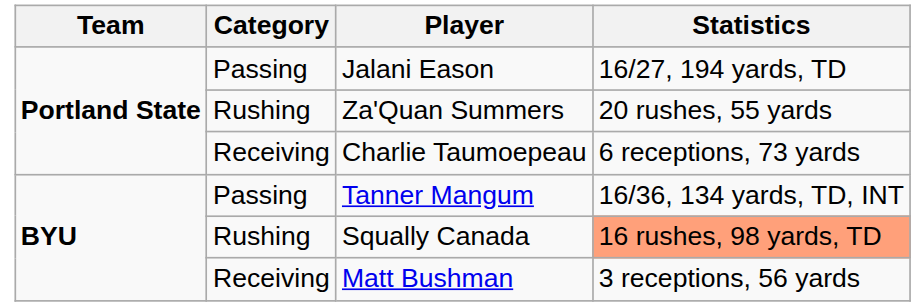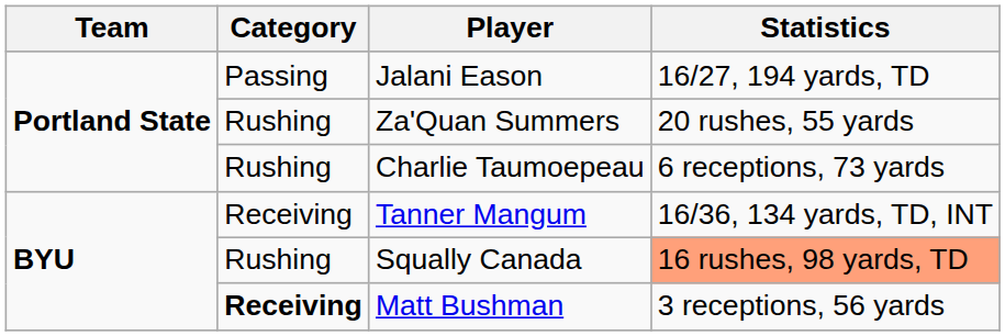 <table class="wikitable" style="float: right;">
 <tr>
 <th>Team</th>
 <th>Category</th>
 <th>Player</th>
 <th>Statistics</th>
 </tr>
 <tr>
 <td rowspan=3><strong>Portland State</strong></td>
 <td>Passing</td>
 <td>Jalani Eason</td>
 <td>16/27, 194 yards, TD</td>
 </tr>
 <tr>
 <td>Rushing</td>
 <td>Za'Quan Summers</td>
 <td>20 rushes, 55 yards</td>
 </tr>
 <tr>
-<td>Receiving</td>
+<td>Rushing</td>
 <td>Charlie Taumoepeau</td>
 <td>6 receptions, 73 yards</td>
 </tr>
 <tr>
 <td rowspan=3><strong>BYU</strong></td>
-<td>Passing</td>
+<td>Receiving</td>
 <td><a href='#'>Tanner Mangum</a></td>
 <td>16/36, 134 yards, TD, INT</td>
 </tr>
 <tr>
 <td>Rushing</td>
 <td>Squally Canada</td>
 <td style="background: lightsalmon;">16 rushes, 98 yards, TD</td>
 </tr>
 <tr>
-<td>Receiving</td>
+<td><strong>Receiving</strong></td>
 <td><a href='#'>Matt Bushman</a></td>
 <td>3 receptions, 56 yards</td>
 </tr>
 </table>
